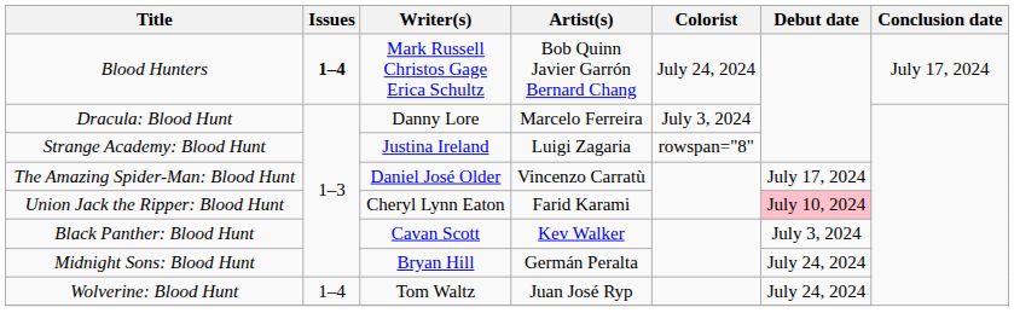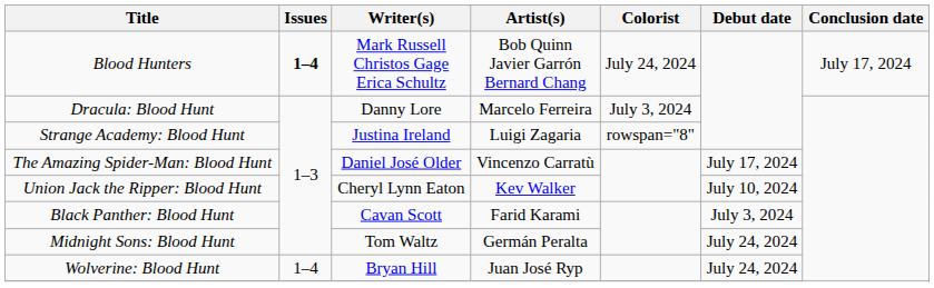 <table class="wikitable" style="text-align:center; width:100%">
 <tr>
 <th scope="col">Title</th>
 <th scope="col">Issues</th>
 <th scope="col">Writer(s)</th>
 <th scope="col">Artist(s)</th>
 <th scope="col">Colorist</th>
 <th scope="col">Debut date</th>
 <th scope="col">Conclusion date</th>
 </tr>
 <tr>
 <td><em>Blood Hunters</em></td>
 <td><strong>1–4</strong></td>
 <td><a href='#'>Mark Russell</a><br><a href='#'>Christos Gage</a><br><a href='#'>Erica Schultz</a></td>
 <td>Bob Quinn<br>Javier Garrón<br><a href='#'>Bernard Chang</a></td>
 <td>July 24, 2024</td>
 <td rowspan="3"></td>
 <td>July 17, 2024</td>
 </tr>
 <tr>
 <td><em>Dracula: Blood Hunt</em></td>
 <td rowspan="6">1–3</td>
 <td>Danny Lore</td>
 <td>Marcelo Ferreira</td>
 <td>July 3, 2024</td>
 </tr>
 <tr>
 <td><em>Strange Academy: Blood Hunt</em></td>
 <td><a href='#'>Justina Ireland</a></td>
 <td>Luigi Zagaria</td>
 <td>rowspan="8" </td>
 </tr>
 <tr>
 <td><em>The Amazing Spider-Man: Blood Hunt</em></td>
 <td><a href='#'>Daniel José Older</a></td>
 <td>Vincenzo Carratù</td>
 <td rowspan="2"></td>
 <td>July 17, 2024</td>
 </tr>
 <tr>
 <td><em>Union Jack the Ripper: Blood Hunt</em></td>
 <td>Cheryl Lynn Eaton</td>
-<td>Farid Karami</td>
-<td style="background: pink;">July 10, 2024</td>
+<td><a href='#'>Kev Walker</a></td>
+<td>July 10, 2024</td>
 </tr>
 <tr>
 <td><em>Black Panther: Blood Hunt</em></td>
 <td><a href='#'>Cavan Scott</a></td>
-<td><a href='#'>Kev Walker</a></td>
+<td>Farid Karami</td>
 <td rowspan="2"></td>
 <td>July 3, 2024</td>
 </tr>
 <tr>
 <td><em>Midnight Sons: Blood Hunt</em></td>
-<td><a href='#'>Bryan Hill</a></td>
+<td>Tom Waltz</td>
 <td>Germán Peralta</td>
 <td>July 24, 2024</td>
 </tr>
 <tr>
 <td><em>Wolverine: Blood Hunt</em></td>
 <td>1–4</td>
-<td>Tom Waltz</td>
+<td><a href='#'>Bryan Hill</a></td>
 <td>Juan José Ryp</td>
 <td></td>
 <td>July 24, 2024</td>
 </tr>
 <tr>
 </tr>
 </table>
